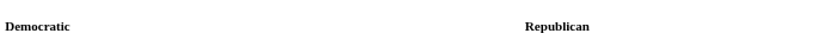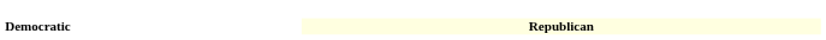 <table style="width:100%; text-align:center">
 <tr style="color:white">
 <td style="background:"><strong>291</strong></td>
 <td style="background:"><strong>144</strong></td>
 </tr>
 <tr>
 <td><span><strong>Democratic</strong></span></td>
-<td><span><strong>Republican</strong></span></td>
+<td style="background: lightyellow;"><span><strong>Republican</strong></span></td>
 </tr>
 </table>
